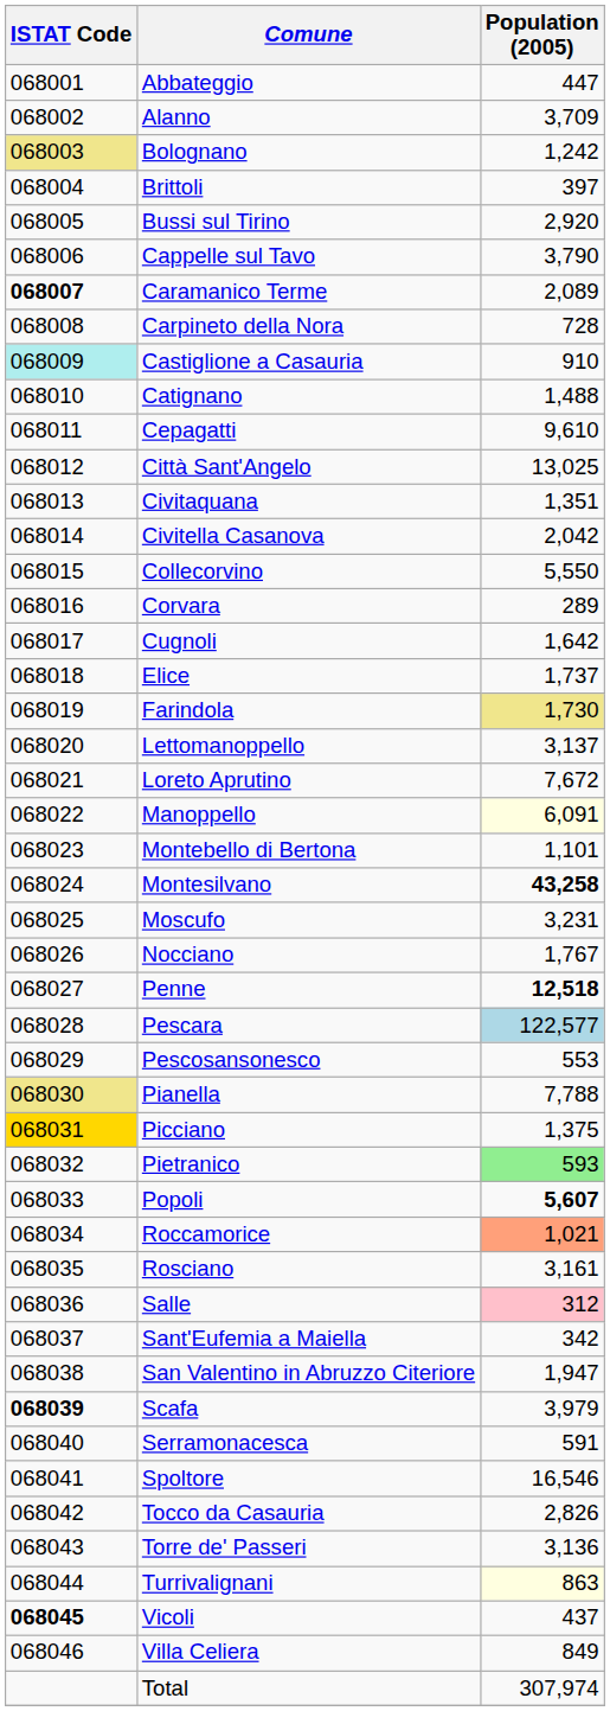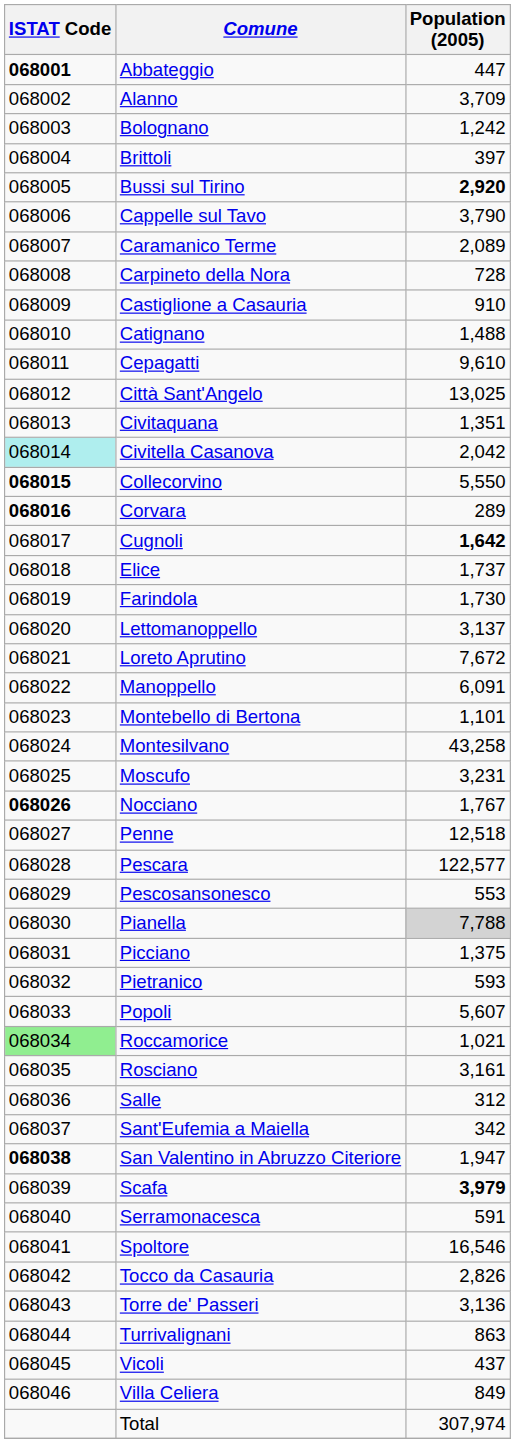 <table class="wikitable sortable">
 <tr>
 <th><a href='#'>ISTAT</a> Code</th>
 <th><em><a href='#'>Comune</a></em></th>
 <th>Population <br>(2005)</th>
 </tr>
 <tr>
-<td>068001</td>
+<td><strong>068001</strong></td>
 <td><a href='#'>Abbateggio</a></td>
 <td align="right">447</td>
 </tr>
 <tr>
 <td>068002</td>
 <td><a href='#'>Alanno</a></td>
 <td align="right">3,709</td>
 </tr>
 <tr>
-<td style="background: khaki;">068003</td>
+<td>068003</td>
 <td><a href='#'>Bolognano</a></td>
 <td align="right">1,242</td>
 </tr>
 <tr>
 <td>068004</td>
 <td><a href='#'>Brittoli</a></td>
 <td align="right">397</td>
 </tr>
 <tr>
 <td>068005</td>
 <td><a href='#'>Bussi sul Tirino</a></td>
-<td align="right">2,920</td>
+<td align="right"><strong>2,920</strong></td>
 </tr>
 <tr>
 <td>068006</td>
 <td><a href='#'>Cappelle sul Tavo</a></td>
 <td align="right">3,790</td>
 </tr>
 <tr>
-<td><strong>068007</strong></td>
+<td>068007</td>
 <td><a href='#'>Caramanico Terme</a></td>
 <td align="right">2,089</td>
 </tr>
 <tr>
 <td>068008</td>
 <td><a href='#'>Carpineto della Nora</a></td>
 <td align="right">728</td>
 </tr>
 <tr>
-<td style="background: paleturquoise;">068009</td>
+<td>068009</td>
 <td><a href='#'>Castiglione a Casauria</a></td>
 <td align="right">910</td>
 </tr>
 <tr>
 <td>068010</td>
 <td><a href='#'>Catignano</a></td>
 <td align="right">1,488</td>
 </tr>
 <tr>
 <td>068011</td>
 <td><a href='#'>Cepagatti</a></td>
 <td align="right">9,610</td>
 </tr>
 <tr>
 <td>068012</td>
 <td><a href='#'>Città Sant'Angelo</a></td>
 <td align="right">13,025</td>
 </tr>
 <tr>
 <td>068013</td>
 <td><a href='#'>Civitaquana</a></td>
 <td align="right">1,351</td>
 </tr>
 <tr>
-<td>068014</td>
+<td style="background: paleturquoise;">068014</td>
 <td><a href='#'>Civitella Casanova</a></td>
 <td align="right">2,042</td>
 </tr>
 <tr>
-<td>068015</td>
+<td><strong>068015</strong></td>
 <td><a href='#'>Collecorvino</a></td>
 <td align="right">5,550</td>
 </tr>
 <tr>
-<td>068016</td>
+<td><strong>068016</strong></td>
 <td><a href='#'>Corvara</a></td>
 <td align="right">289</td>
 </tr>
 <tr>
 <td>068017</td>
 <td><a href='#'>Cugnoli</a></td>
-<td align="right">1,642</td>
+<td align="right"><strong>1,642</strong></td>
 </tr>
 <tr>
 <td>068018</td>
 <td><a href='#'>Elice</a></td>
 <td align="right">1,737</td>
 </tr>
 <tr>
 <td>068019</td>
 <td><a href='#'>Farindola</a></td>
-<td align="right" style="background: khaki;">1,730</td>
+<td align="right">1,730</td>
 </tr>
 <tr>
 <td>068020</td>
 <td><a href='#'>Lettomanoppello</a></td>
 <td align="right">3,137</td>
 </tr>
 <tr>
 <td>068021</td>
 <td><a href='#'>Loreto Aprutino</a></td>
 <td align="right">7,672</td>
 </tr>
 <tr>
 <td>068022</td>
 <td><a href='#'>Manoppello</a></td>
-<td align="right" style="background: lightyellow;">6,091</td>
+<td align="right">6,091</td>
 </tr>
 <tr>
 <td>068023</td>
 <td><a href='#'>Montebello di Bertona</a></td>
 <td align="right">1,101</td>
 </tr>
 <tr>
 <td>068024</td>
 <td><a href='#'>Montesilvano</a></td>
-<td align="right"><strong>43,258</strong></td>
+<td align="right">43,258</td>
 </tr>
 <tr>
 <td>068025</td>
 <td><a href='#'>Moscufo</a></td>
 <td align="right">3,231</td>
 </tr>
 <tr>
-<td>068026</td>
+<td><strong>068026</strong></td>
 <td><a href='#'>Nocciano</a></td>
 <td align="right">1,767</td>
 </tr>
 <tr>
 <td>068027</td>
 <td><a href='#'>Penne</a></td>
-<td align="right"><strong>12,518</strong></td>
+<td align="right">12,518</td>
 </tr>
 <tr>
 <td>068028</td>
 <td><a href='#'>Pescara</a></td>
-<td align="right" style="background: lightblue;">122,577</td>
+<td align="right">122,577</td>
 </tr>
 <tr>
 <td>068029</td>
 <td><a href='#'>Pescosansonesco</a></td>
 <td align="right">553</td>
 </tr>
 <tr>
-<td style="background: khaki;">068030</td>
+<td>068030</td>
 <td><a href='#'>Pianella</a></td>
-<td align="right">7,788</td>
+<td align="right" style="background: lightgrey;">7,788</td>
 </tr>
 <tr>
-<td style="background: gold;">068031</td>
+<td>068031</td>
 <td><a href='#'>Picciano</a></td>
 <td align="right">1,375</td>
 </tr>
 <tr>
 <td>068032</td>
 <td><a href='#'>Pietranico</a></td>
-<td align="right" style="background: lightgreen;">593</td>
+<td align="right">593</td>
 </tr>
 <tr>
 <td>068033</td>
 <td><a href='#'>Popoli</a></td>
-<td align="right"><strong>5,607</strong></td>
+<td align="right">5,607</td>
 </tr>
 <tr>
-<td>068034</td>
+<td style="background: lightgreen;">068034</td>
 <td><a href='#'>Roccamorice</a></td>
-<td align="right" style="background: lightsalmon;">1,021</td>
+<td align="right">1,021</td>
 </tr>
 <tr>
 <td>068035</td>
 <td><a href='#'>Rosciano</a></td>
 <td align="right">3,161</td>
 </tr>
 <tr>
 <td>068036</td>
 <td><a href='#'>Salle</a></td>
-<td align="right" style="background: pink;">312</td>
+<td align="right">312</td>
 </tr>
 <tr>
 <td>068037</td>
 <td><a href='#'>Sant'Eufemia a Maiella</a></td>
 <td align="right">342</td>
 </tr>
 <tr>
-<td>068038</td>
+<td><strong>068038</strong></td>
 <td><a href='#'>San Valentino in Abruzzo Citeriore</a></td>
 <td align="right">1,947</td>
 </tr>
 <tr>
-<td><strong>068039</strong></td>
+<td>068039</td>
 <td><a href='#'>Scafa</a></td>
-<td align="right">3,979</td>
+<td align="right"><strong>3,979</strong></td>
 </tr>
 <tr>
 <td>068040</td>
 <td><a href='#'>Serramonacesca</a></td>
 <td align="right">591</td>
 </tr>
 <tr>
 <td>068041</td>
 <td><a href='#'>Spoltore</a></td>
 <td align="right">16,546</td>
 </tr>
 <tr>
 <td>068042</td>
 <td><a href='#'>Tocco da Casauria</a></td>
 <td align="right">2,826</td>
 </tr>
 <tr>
 <td>068043</td>
 <td><a href='#'>Torre de' Passeri</a></td>
 <td align="right">3,136</td>
 </tr>
 <tr>
 <td>068044</td>
 <td><a href='#'>Turrivalignani</a></td>
-<td align="right" style="background: lightyellow;">863</td>
+<td align="right">863</td>
 </tr>
 <tr>
-<td><strong>068045</strong></td>
+<td>068045</td>
 <td><a href='#'>Vicoli</a></td>
 <td align="right">437</td>
 </tr>
 <tr>
 <td>068046</td>
 <td><a href='#'>Villa Celiera</a></td>
 <td align="right">849</td>
 </tr>
 <tr>
 <td></td>
 <td>Total</td>
 <td align="right">307,974</td>
 </tr>
 <tr>
 </tr>
 </table>
